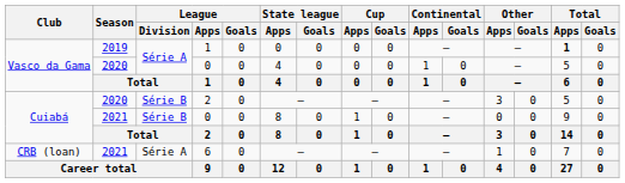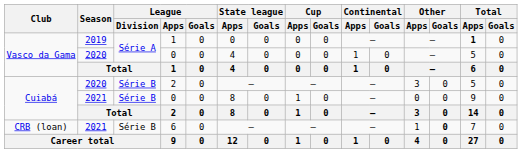 <table class="wikitable" style="text-align: center">
 <tr>
 <th rowspan="2">Club</th>
 <th rowspan="2">Season</th>
 <th colspan="3">League</th>
 <th colspan="2">State league</th>
 <th colspan="2">Cup</th>
 <th colspan="2">Continental</th>
 <th colspan="2">Other</th>
 <th colspan="2">Total</th>
 </tr>
 <tr>
 <th>Division</th>
 <th>Apps</th>
 <th>Goals</th>
 <th>Apps</th>
 <th>Goals</th>
 <th>Apps</th>
 <th>Goals</th>
 <th>Apps</th>
 <th>Goals</th>
 <th>Apps</th>
 <th>Goals</th>
 <th>Apps</th>
 <th>Goals</th>
 </tr>
 <tr>
 <td rowspan="3"><a href='#'>Vasco da Gama</a></td>
 <td><a href='#'>2019</a></td>
 <td rowspan="2"><a href='#'>Série A</a></td>
 <td>1</td>
 <td>0</td>
 <td>0</td>
 <td>0</td>
 <td>0</td>
 <td>0</td>
 <td colspan="2">—</td>
 <td colspan="2">—</td>
 <td><strong>1</strong></td>
 <td>0</td>
 </tr>
 <tr>
 <td><a href='#'>2020</a></td>
 <td>0</td>
 <td>0</td>
 <td>4</td>
 <td>0</td>
 <td>0</td>
 <td>0</td>
 <td>1</td>
 <td>0</td>
 <td colspan="2">—</td>
 <td>5</td>
 <td>0</td>
 </tr>
 <tr>
 <th colspan="2">Total</th>
 <th>1</th>
 <th>0</th>
 <th>4</th>
 <th>0</th>
 <th>0</th>
 <th>0</th>
 <th>1</th>
 <th>0</th>
 <th colspan="2">—</th>
 <th>6</th>
 <th>0</th>
 </tr>
 <tr>
 <td rowspan="3"><a href='#'>Cuiabá</a></td>
 <td><a href='#'>2020</a></td>
 <td><a href='#'>Série B</a></td>
 <td>2</td>
 <td>0</td>
 <td colspan="2">—</td>
 <td colspan="2">—</td>
 <td colspan="2">—</td>
 <td>3</td>
 <td>0</td>
 <td>5</td>
 <td>0</td>
 </tr>
 <tr>
 <td><a href='#'>2021</a></td>
 <td><a href='#'>Série B</a></td>
 <td>0</td>
 <td>0</td>
 <td>8</td>
 <td>0</td>
 <td>1</td>
 <td>0</td>
 <td colspan="2">—</td>
 <td>0</td>
 <td>0</td>
 <td>9</td>
 <td>0</td>
 </tr>
 <tr>
 <th colspan="2">Total</th>
 <th>2</th>
 <th>0</th>
 <th>8</th>
 <th>0</th>
 <th>1</th>
 <th>0</th>
 <th colspan="2">—</th>
 <th>3</th>
 <th>0</th>
 <th>14</th>
 <th>0</th>
 </tr>
 <tr>
 <td><a href='#'>CRB</a> (loan)</td>
 <td><a href='#'>2021</a></td>
-<td>Série A</td>
+<td>Série B</td>
 <td>6</td>
 <td>0</td>
 <td colspan="2">—</td>
 <td colspan="2">—</td>
 <td colspan="2">—</td>
 <td>1</td>
-<td>0</td>
+<td><strong>0</strong></td>
 <td>7</td>
 <td>0</td>
 </tr>
 <tr>
 <th colspan="3"><strong>Career total</strong></th>
 <th>9</th>
 <th>0</th>
 <th>12</th>
 <th>0</th>
 <th>1</th>
 <th>0</th>
 <th>1</th>
 <th>0</th>
 <th>4</th>
 <th>0</th>
 <th>27</th>
 <th>0</th>
 </tr>
 </table>
